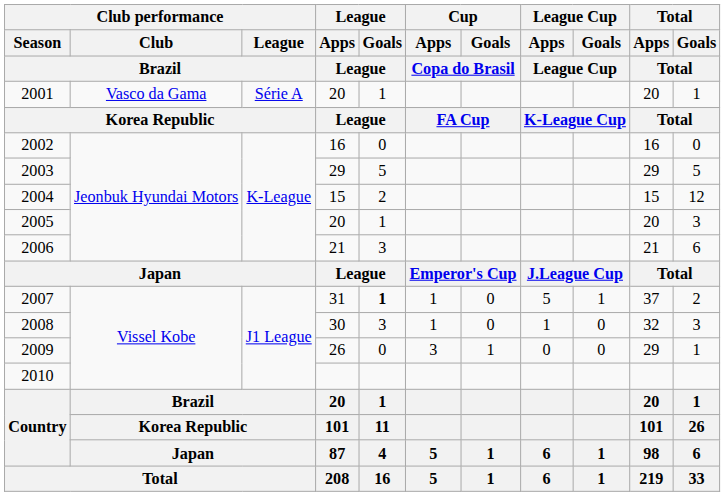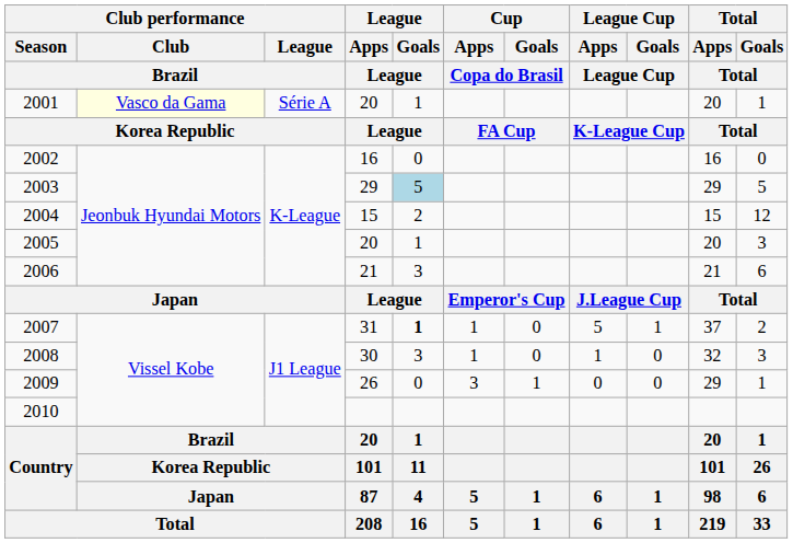 <table class="wikitable" style="text-align:center;">
 <tr>
 <th colspan=3>Club performance</th>
 <th colspan=2>League</th>
 <th colspan=2>Cup</th>
 <th colspan=2>League Cup</th>
 <th colspan=2>Total</th>
 </tr>
 <tr>
 <th>Season</th>
 <th>Club</th>
 <th>League</th>
 <th>Apps</th>
 <th>Goals</th>
 <th>Apps</th>
 <th>Goals</th>
 <th>Apps</th>
 <th>Goals</th>
 <th>Apps</th>
 <th>Goals</th>
 </tr>
 <tr>
 <th colspan=3>Brazil</th>
 <th colspan=2>League</th>
 <th colspan=2><a href='#'>Copa do Brasil</a></th>
 <th colspan=2>League Cup</th>
 <th colspan=2>Total</th>
 </tr>
 <tr>
 <td>2001</td>
-<td><a href='#'>Vasco da Gama</a></td>
+<td style="background: lightyellow;"><a href='#'>Vasco da Gama</a></td>
 <td><a href='#'>Série A</a></td>
 <td>20</td>
 <td>1</td>
 <td></td>
 <td></td>
 <td></td>
 <td></td>
 <td>20</td>
 <td>1</td>
 </tr>
 <tr>
 <th colspan=3>Korea Republic</th>
 <th colspan=2>League</th>
 <th colspan=2><a href='#'>FA Cup</a></th>
 <th colspan=2><a href='#'>K-League Cup</a></th>
 <th colspan=2>Total</th>
 </tr>
 <tr>
 <td>2002</td>
 <td rowspan="5"><a href='#'>Jeonbuk Hyundai Motors</a></td>
 <td rowspan="5"><a href='#'>K-League</a></td>
 <td>16</td>
 <td>0</td>
 <td></td>
 <td></td>
 <td></td>
 <td></td>
 <td>16</td>
 <td>0</td>
 </tr>
 <tr>
 <td>2003</td>
 <td>29</td>
-<td>5</td>
+<td style="background: lightblue;">5</td>
 <td></td>
 <td></td>
 <td></td>
 <td></td>
 <td>29</td>
 <td>5</td>
 </tr>
 <tr>
 <td>2004</td>
 <td>15</td>
 <td>2</td>
 <td></td>
 <td></td>
 <td></td>
 <td></td>
 <td>15</td>
 <td>12</td>
 </tr>
 <tr>
 <td>2005</td>
 <td>20</td>
 <td>1</td>
 <td></td>
 <td></td>
 <td></td>
 <td></td>
 <td>20</td>
 <td>3</td>
 </tr>
 <tr>
 <td>2006</td>
 <td>21</td>
 <td>3</td>
 <td></td>
 <td></td>
 <td></td>
 <td></td>
 <td>21</td>
 <td>6</td>
 </tr>
 <tr>
 <th colspan=3>Japan</th>
 <th colspan=2>League</th>
 <th colspan=2><a href='#'>Emperor's Cup</a></th>
 <th colspan=2><a href='#'>J.League Cup</a></th>
 <th colspan=2>Total</th>
 </tr>
 <tr>
 <td>2007</td>
 <td rowspan="4"><a href='#'>Vissel Kobe</a></td>
 <td rowspan="4"><a href='#'>J1 League</a></td>
 <td>31</td>
 <td><strong>1</strong></td>
 <td>1</td>
 <td>0</td>
 <td>5</td>
 <td>1</td>
 <td>37</td>
 <td>2</td>
 </tr>
 <tr>
 <td>2008</td>
 <td>30</td>
 <td>3</td>
 <td>1</td>
 <td>0</td>
 <td>1</td>
 <td>0</td>
 <td>32</td>
 <td>3</td>
 </tr>
 <tr>
 <td>2009</td>
 <td>26</td>
 <td>0</td>
 <td>3</td>
 <td>1</td>
 <td>0</td>
 <td>0</td>
 <td>29</td>
 <td>1</td>
 </tr>
 <tr>
 <td>2010</td>
 <td></td>
 <td></td>
 <td></td>
 <td></td>
 <td></td>
 <td></td>
 <td></td>
 <td></td>
 </tr>
 <tr>
 <th rowspan=3>Country</th>
 <th colspan=2>Brazil</th>
 <th>20</th>
 <th>1</th>
 <th></th>
 <th></th>
 <th></th>
 <th></th>
 <th>20</th>
 <th>1</th>
 </tr>
 <tr>
 <th colspan=2>Korea Republic</th>
 <th>101</th>
 <th>11</th>
 <th></th>
 <th></th>
 <th></th>
 <th></th>
 <th>101</th>
 <th>26</th>
 </tr>
 <tr>
 <th colspan=2>Japan</th>
 <th>87</th>
 <th>4</th>
 <th>5</th>
 <th>1</th>
 <th>6</th>
 <th>1</th>
 <th>98</th>
 <th>6</th>
 </tr>
 <tr>
 <th colspan=3>Total</th>
 <th>208</th>
 <th>16</th>
 <th>5</th>
 <th>1</th>
 <th>6</th>
 <th>1</th>
 <th>219</th>
 <th>33</th>
 </tr>
 </table>
